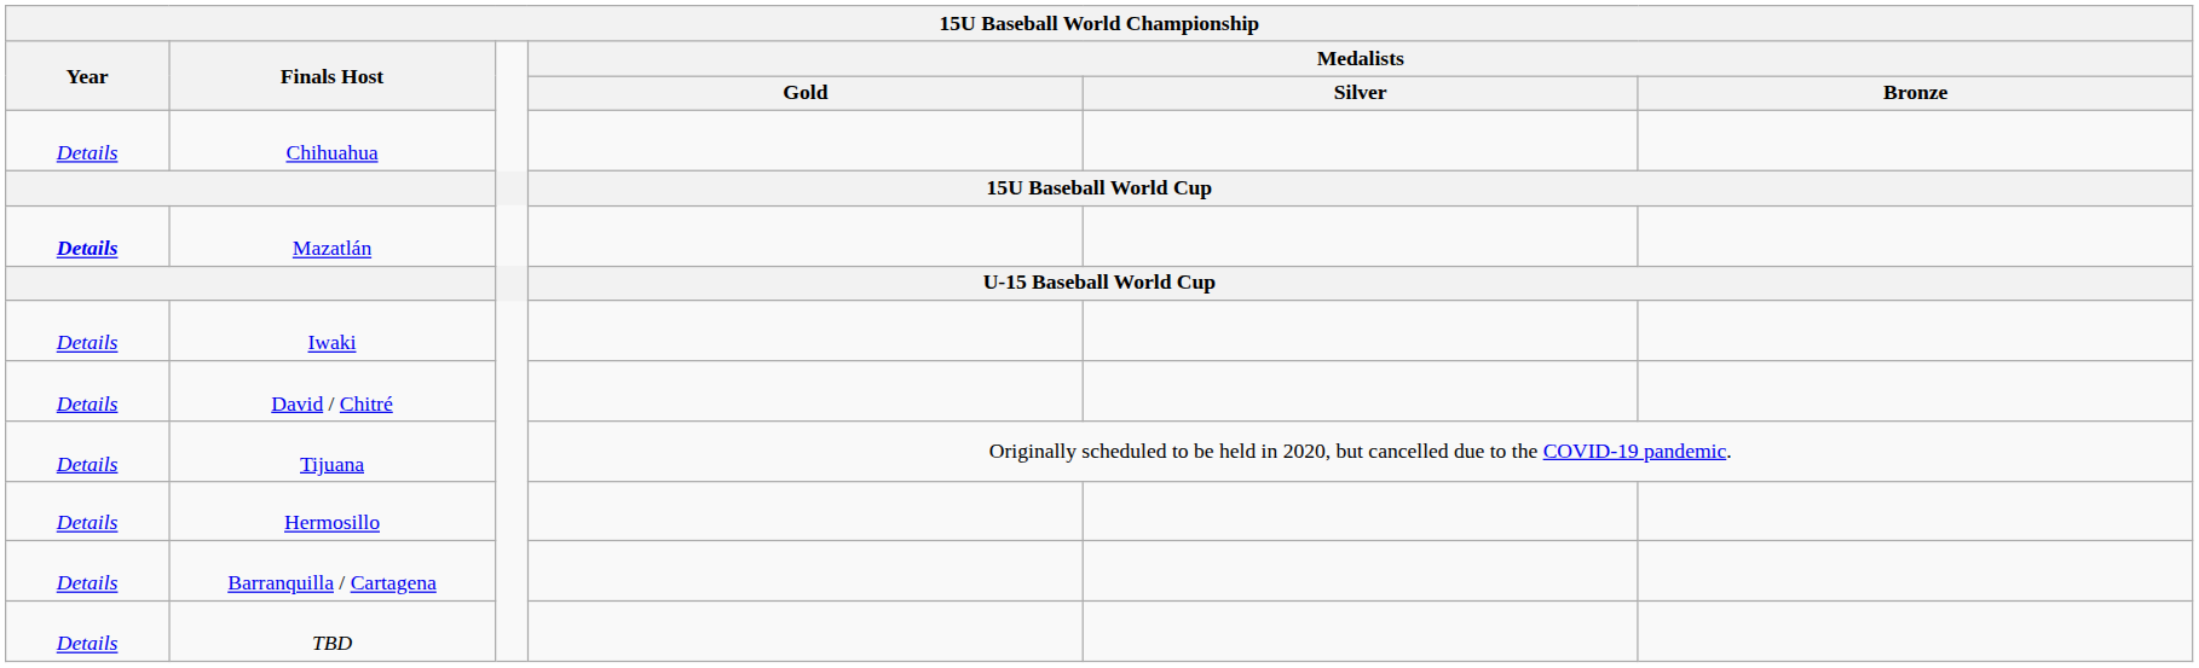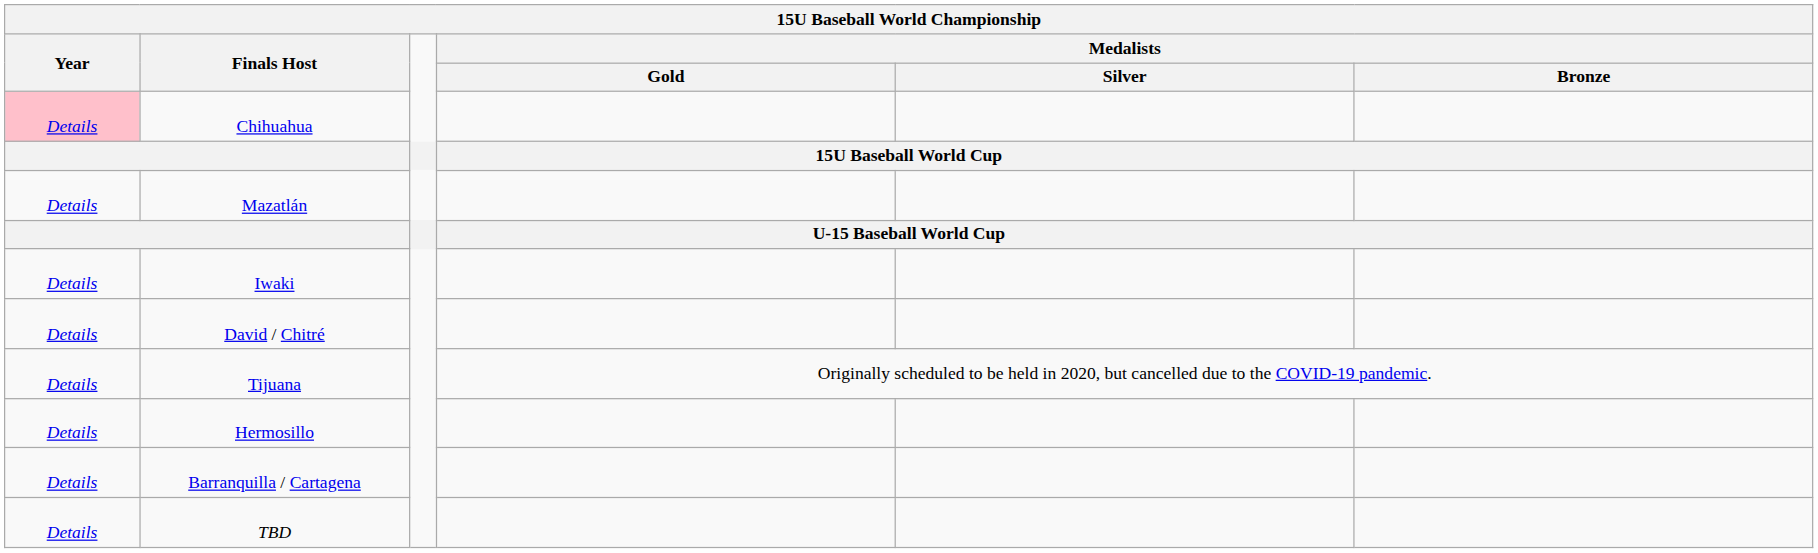 <table class="wikitable" style="font-size:90%; text-align: center;">
 <tr>
 <th colspan=6>15U Baseball World Championship</th>
 </tr>
 <tr>
 <th rowspan=2 width=5%>Year</th>
 <th rowspan=2 width=10%>Finals Host</th>
 <td width=1% rowspan=17 style="border-top:none;border-bottom:none;"></td>
 <th colspan=3>Medalists</th>
 </tr>
 <tr>
 <th width=17%>Gold</th>
 <th width=17%>Silver</th>
 <th width=17%>Bronze</th>
 </tr>
 <tr>
-<td><br><em><a href='#'>Details</a></em></td>
+<td style="background: pink;"><br><em><a href='#'>Details</a></em></td>
 <td><br><a href='#'>Chihuahua</a></td>
 <td><strong></strong></td>
 <td></td>
 <td></td>
 </tr>
 <tr>
 <th colspan=6>15U Baseball World Cup</th>
 </tr>
 <tr>
-<td><strong><br><em><a href='#'>Details</a></em></strong></td>
+<td><br><em><a href='#'>Details</a></em></td>
 <td><br><a href='#'>Mazatlán</a></td>
 <td><strong></strong></td>
 <td></td>
 <td></td>
 </tr>
 <tr>
 <th colspan=6>U-15 Baseball World Cup</th>
 </tr>
 <tr>
 <td><br><em><a href='#'>Details</a></em></td>
 <td><br><a href='#'>Iwaki</a></td>
 <td><strong></strong></td>
 <td></td>
 <td></td>
 </tr>
 <tr>
 <td><br><em><a href='#'>Details</a></em></td>
 <td><br><a href='#'>David</a> / <a href='#'>Chitré</a></td>
 <td><strong></strong></td>
 <td></td>
 <td></td>
 </tr>
 <tr>
 <td><br><em><a href='#'>Details</a></em></td>
 <td><br><a href='#'>Tijuana</a></td>
 <td colspan=3>Originally scheduled to be held in 2020, but cancelled due to the <a href='#'>COVID-19 pandemic</a>.</td>
 </tr>
 <tr>
 <td><br><em><a href='#'>Details</a></em></td>
 <td><br><a href='#'>Hermosillo</a></td>
 <td><strong></strong></td>
 <td></td>
 <td></td>
 </tr>
 <tr>
 <td><br><em><a href='#'>Details</a></em></td>
 <td><br><a href='#'>Barranquilla</a> / <a href='#'>Cartagena</a></td>
 <td><strong></strong></td>
 <td></td>
 <td></td>
 </tr>
 <tr>
 <td><br><em><a href='#'>Details</a></em></td>
 <td><br><em>TBD</em></td>
 <td></td>
 <td></td>
 <td></td>
 </tr>
 </table>
